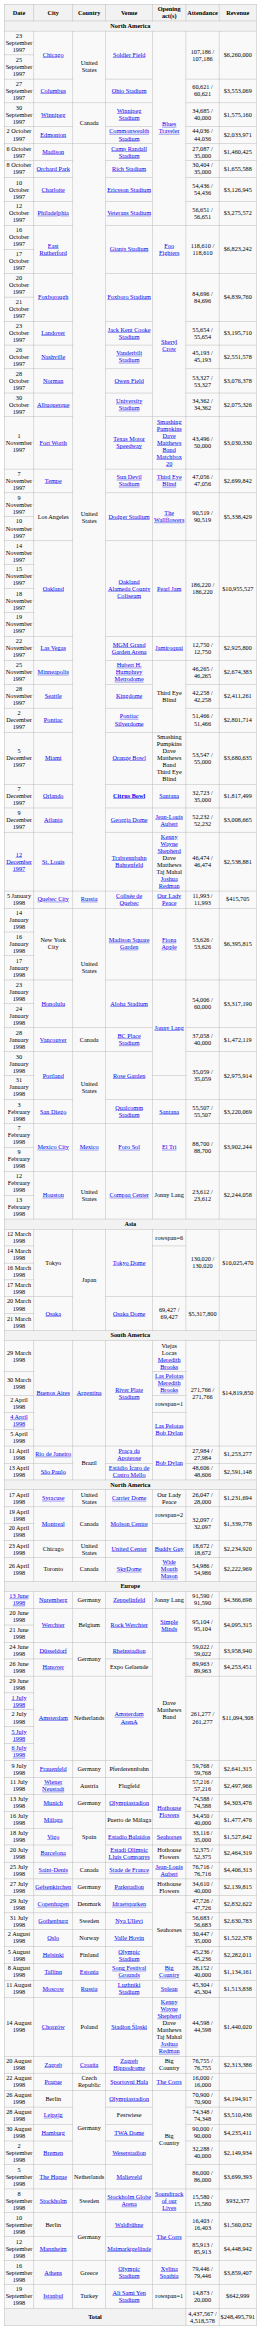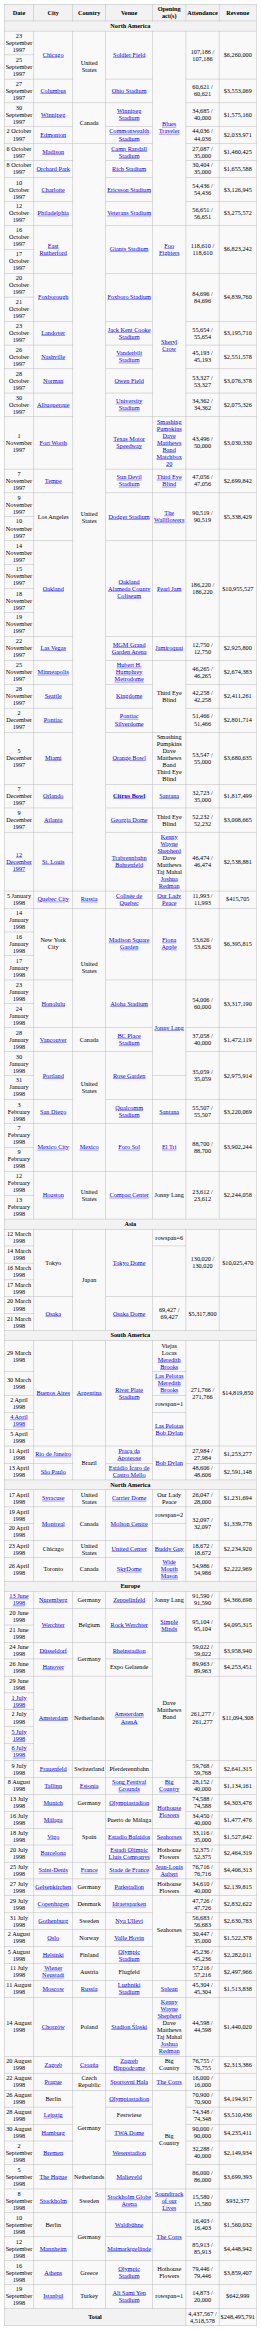 <table class="wikitable" style="text-align:center;">
 <tr>
 <th scope="col" style="width:11em;">Date</th>
 <th scope="col" style="width:11em;">City</th>
 <th scope="col" style="width:11em;">Country</th>
 <th scope="col" style="width:15em;">Venue</th>
 <th scope="col" style="width:11em;">Opening act(s)</th>
 <th scope="col" style="width:12em;">Attendance</th>
 <th scope="col" style="width:11em;">Revenue</th>
 </tr>
 <tr>
 <th colspan=7>North America</th>
 </tr>
 <tr>
 <td>23 September 1997</td>
 <td rowspan=2><a href='#'>Chicago</a></td>
 <td rowspan=3>United States</td>
 <td rowspan=2><a href='#'>Soldier Field</a></td>
 <td rowspan=9><a href='#'>Blues Traveler</a></td>
 <td rowspan=2>107,186 / 107,186</td>
 <td rowspan=2>$6,260,000</td>
 </tr>
 <tr>
 <td>25 September 1997</td>
 </tr>
 <tr>
 <td>27 September 1997</td>
 <td><a href='#'>Columbus</a></td>
 <td><a href='#'>Ohio Stadium</a></td>
 <td>60,621 / 60,621</td>
 <td>$3,553,069</td>
 </tr>
 <tr>
 <td>30 September 1997</td>
 <td><a href='#'>Winnipeg</a></td>
 <td rowspan=2>Canada</td>
 <td><a href='#'>Winnipeg Stadium</a></td>
 <td>34,685 / 40,000</td>
 <td>$1,575,160</td>
 </tr>
 <tr>
 <td>2 October 1997</td>
 <td><a href='#'>Edmonton</a></td>
 <td><a href='#'>Commonwealth Stadium</a></td>
 <td>44,036 / 44,036</td>
 <td>$2,033,971</td>
 </tr>
 <tr>
 <td>6 October 1997</td>
 <td><a href='#'>Madison</a></td>
 <td rowspan=28>United States</td>
 <td><a href='#'>Camp Randall Stadium</a></td>
 <td>27,087 / 35,000</td>
 <td>$1,460,425</td>
 </tr>
 <tr>
 <td>8 October 1997</td>
 <td><a href='#'>Orchard Park</a></td>
 <td><a href='#'>Rich Stadium</a></td>
 <td>30,404 / 35,000</td>
 <td>$1,655,588</td>
 </tr>
 <tr>
 <td>10 October 1997</td>
 <td><a href='#'>Charlotte</a></td>
 <td><a href='#'>Ericsson Stadium</a></td>
 <td>54,436 / 54,436</td>
 <td>$3,126,945</td>
 </tr>
 <tr>
 <td>12 October 1997</td>
 <td><a href='#'>Philadelphia</a></td>
 <td><a href='#'>Veterans Stadium</a></td>
 <td>56,651 / 56,651</td>
 <td>$3,275,572</td>
 </tr>
 <tr>
 <td>16 October 1997</td>
 <td rowspan=2><a href='#'>East Rutherford</a></td>
 <td rowspan=2><a href='#'>Giants Stadium</a></td>
 <td rowspan=2><a href='#'>Foo Fighters</a></td>
 <td rowspan=2>118,610 / 118,610</td>
 <td rowspan=2>$6,823,242</td>
 </tr>
 <tr>
 <td>17 October 1997</td>
 </tr>
 <tr>
 <td>20 October 1997</td>
 <td rowspan=2><a href='#'>Foxborough</a></td>
 <td rowspan=2><a href='#'>Foxboro Stadium</a></td>
 <td rowspan=6><a href='#'>Sheryl Crow</a></td>
 <td rowspan=2>84,696 / 84,696</td>
 <td rowspan=2>$4,839,760</td>
 </tr>
 <tr>
 <td>21 October 1997</td>
 </tr>
 <tr>
 <td>23 October 1997</td>
 <td><a href='#'>Landover</a></td>
 <td><a href='#'>Jack Kent Cooke Stadium</a></td>
 <td>55,654 / 55,654</td>
 <td>$3,195,710</td>
 </tr>
 <tr>
 <td>26 October 1997</td>
 <td><a href='#'>Nashville</a></td>
 <td><a href='#'>Vanderbilt Stadium</a></td>
 <td>45,193 / 45,193</td>
 <td>$2,551,578</td>
 </tr>
 <tr>
 <td>28 October 1997</td>
 <td><a href='#'>Norman</a></td>
 <td><a href='#'>Owen Field</a></td>
 <td>53,327 / 53,327</td>
 <td>$3,076,378</td>
 </tr>
 <tr>
 <td>30 October 1997</td>
 <td><a href='#'>Albuquerque</a></td>
 <td><a href='#'>University Stadium</a></td>
 <td>34,362 / 34,362</td>
 <td>$2,075,326</td>
 </tr>
 <tr>
 <td>1 November 1997</td>
 <td><a href='#'>Fort Worth</a></td>
 <td><a href='#'>Texas Motor Speedway</a></td>
 <td><a href='#'>Smashing Pumpkins</a><br><a href='#'>Dave Matthews Band</a><br><a href='#'>Matchbox 20</a></td>
 <td>43,496 / 50,000</td>
 <td>$3,030,330</td>
 </tr>
 <tr>
 <td>7 November 1997</td>
 <td><a href='#'>Tempe</a></td>
 <td><a href='#'>Sun Devil Stadium</a></td>
 <td><a href='#'>Third Eye Blind</a></td>
 <td>47,056 / 47,056</td>
 <td>$2,699,842</td>
 </tr>
 <tr>
 <td>9 November 1997</td>
 <td rowspan=2>Los Angeles</td>
 <td rowspan=2><a href='#'>Dodger Stadium</a></td>
 <td rowspan=2><a href='#'>The Wallflowers</a></td>
 <td rowspan=2>90,519 / 90,519</td>
 <td rowspan=2>$5,338,429</td>
 </tr>
 <tr>
 <td>10 November 1997</td>
 </tr>
 <tr>
 <td>14 November 1997</td>
 <td rowspan=4><a href='#'>Oakland</a></td>
 <td rowspan=4><a href='#'>Oakland Alameda County Coliseum</a></td>
 <td rowspan=4><a href='#'>Pearl Jam</a></td>
 <td rowspan=4>186,220 / 186,220</td>
 <td rowspan=4>$10,955,527</td>
 </tr>
 <tr>
 <td>15 November 1997</td>
 </tr>
 <tr>
 <td>18 November 1997</td>
 </tr>
 <tr>
 <td>19 November 1997</td>
 </tr>
 <tr>
 <td>22 November 1997</td>
 <td><a href='#'>Las Vegas</a></td>
 <td><a href='#'>MGM Grand Garden Arena</a></td>
 <td><a href='#'>Jamiroquai</a></td>
 <td>12,750 / 12,750</td>
 <td>$2,925,800</td>
 </tr>
 <tr>
 <td>25 November 1997</td>
 <td><a href='#'>Minneapolis</a></td>
 <td><a href='#'>Hubert H. Humphrey Metrodome</a></td>
 <td rowspan=3>Third Eye Blind</td>
 <td>46,265 / 46,265</td>
 <td>$2,674,383</td>
 </tr>
 <tr>
 <td>28 November 1997</td>
 <td><a href='#'>Seattle</a></td>
 <td><a href='#'>Kingdome</a></td>
 <td>42,258 / 42,258</td>
 <td>$2,411,261</td>
 </tr>
 <tr>
 <td>2 December 1997</td>
 <td><a href='#'>Pontiac</a></td>
 <td><a href='#'>Pontiac Silverdome</a></td>
 <td>51,466 / 51,466</td>
 <td>$2,801,714</td>
 </tr>
 <tr>
 <td>5 December 1997</td>
 <td><a href='#'>Miami</a></td>
 <td><a href='#'>Orange Bowl</a></td>
 <td>Smashing Pumpkins<br>Dave Matthews Band<br>Third Eye Blind</td>
 <td>53,547 / 55,000</td>
 <td>$3,680,635</td>
 </tr>
 <tr>
 <td>7 December 1997</td>
 <td><a href='#'>Orlando</a></td>
 <td><strong><a href='#'>Citrus Bowl</a></strong></td>
 <td><a href='#'>Santana</a></td>
 <td>32,723 / 35,000</td>
 <td>$1,817,499</td>
 </tr>
 <tr>
 <td>9 December 1997</td>
 <td><a href='#'>Atlanta</a></td>
 <td><a href='#'>Georgia Dome</a></td>
-<td><a href='#'>Jean-Louis Aubert</a></td>
+<td>Third Eye Blind</td>
 <td>52,232 / 52,232</td>
 <td>$3,008,665</td>
 </tr>
 <tr>
 <td><a href='#'>12 December 1997</a></td>
 <td><a href='#'>St. Louis</a></td>
 <td><a href='#'>Trabrennbahn Bahrenfeld</a></td>
 <td><a href='#'>Kenny Wayne Shepherd</a><br>Dave Matthews<br>Taj Mahal<br><a href='#'>Joshua Redman</a></td>
 <td>46,474 / 46,474</td>
 <td>$2,538,881</td>
 </tr>
 <tr>
 <td>5 January 1998</td>
 <td><a href='#'>Quebec City</a></td>
 <td><a href='#'>Russia</a></td>
 <td><a href='#'>Colisée de Quebec</a></td>
 <td><a href='#'>Our Lady Peace</a></td>
 <td>11,993 / 11,993</td>
 <td>$415,705</td>
 </tr>
 <tr>
 <td>14 January 1998</td>
 <td rowspan=3>New York City</td>
 <td rowspan=5>United States</td>
 <td rowspan=3><a href='#'>Madison Square Garden</a></td>
 <td rowspan=3><a href='#'>Fiona Apple</a></td>
 <td rowspan=3>53,626 / 53,626</td>
 <td rowspan=3>$6,395,815</td>
 </tr>
 <tr>
 <td>16 January 1998</td>
 </tr>
 <tr>
 <td>17 January 1998</td>
 </tr>
 <tr>
 <td>23 January 1998</td>
 <td rowspan=2><a href='#'>Honolulu</a></td>
 <td rowspan=2><a href='#'>Aloha Stadium</a></td>
 <td rowspan="4"><a href='#'>Jonny Lang</a></td>
 <td rowspan=2>54,006 / 60,000</td>
 <td rowspan=2>$3,317,190</td>
 </tr>
 <tr>
 <td>24 January 1998</td>
 </tr>
 <tr>
 <td>28 January 1998</td>
 <td><a href='#'>Vancouver</a></td>
 <td>Canada</td>
 <td><a href='#'>BC Place Stadium</a></td>
 <td>37,058 / 40,000</td>
 <td>$1,472,119</td>
 </tr>
 <tr>
 <td>30 January 1998</td>
 <td rowspan=2><a href='#'>Portland</a></td>
 <td rowspan=3>United States</td>
 <td rowspan=2><a href='#'>Rose Garden</a></td>
 <td rowspan=2>35,059 / 35,059</td>
 <td rowspan=2>$2,975,914</td>
 </tr>
 <tr>
 <td>31 January 1998</td>
 <td></td>
 </tr>
 <tr>
 <td>3 February 1998</td>
 <td><a href='#'>San Diego</a></td>
 <td><a href='#'>Qualcomm Stadium</a></td>
 <td><a href='#'>Santana</a></td>
 <td>55,507 / 55,507</td>
 <td>$3,220,069</td>
 </tr>
 <tr>
 <td>7 February 1998</td>
 <td rowspan=2><a href='#'>Mexico City</a></td>
 <td rowspan=2><a href='#'>Mexico</a></td>
 <td rowspan=2><a href='#'>Foro Sol</a></td>
 <td rowspan=2><a href='#'>El Tri</a></td>
 <td rowspan=2>88,700 / 88,700</td>
 <td rowspan=2>$3,902,244</td>
 </tr>
 <tr>
 <td>9 February 1998</td>
 </tr>
 <tr>
 <td>12 February 1998</td>
 <td rowspan=2><a href='#'>Houston</a></td>
 <td rowspan=2>United States</td>
 <td rowspan=2><a href='#'>Compaq Center</a></td>
 <td rowspan=2>Jonny Lang</td>
 <td rowspan=2>23,612 / 23,612</td>
 <td rowspan=2>$2,244,058</td>
 </tr>
 <tr>
 <td>13 February 1998</td>
 </tr>
 <tr>
 <th colspan=7>Asia</th>
 </tr>
 <tr>
 <td>12 March 1998</td>
 <td rowspan=4>Tokyo</td>
 <td rowspan=6>Japan</td>
 <td rowspan=4><a href='#'>Tokyo Dome</a></td>
 <td>rowspan=6 </td>
 <td rowspan=4>130,020 / 130,020</td>
 <td rowspan=4>$10,025,470</td>
 </tr>
 <tr>
 <td>14 March 1998</td>
 </tr>
 <tr>
 <td>16 March 1998</td>
 </tr>
 <tr>
 <td>17 March 1998</td>
 </tr>
 <tr>
 <td>20 March 1998</td>
 <td rowspan=2><a href='#'>Osaka</a></td>
 <td rowspan=2><a href='#'>Osaka Dome</a></td>
 <td rowspan=2>69,427 / 69,427</td>
 <td rowspan=2>$5,317,800</td>
 </tr>
 <tr>
 <td>21 March 1998</td>
 </tr>
 <tr>
 <th colspan=7>South America</th>
 </tr>
 <tr>
 <td>29 March 1998</td>
 <td rowspan=5><a href='#'>Buenos Aires</a></td>
 <td rowspan=5><a href='#'>Argentina</a></td>
 <td rowspan=5><a href='#'>River Plate Stadium</a></td>
 <td rowspan=1>Viejas Locas<br><a href='#'>Meredith Brooks</a></td>
 <td rowspan=5>271,766 / 271,766</td>
 <td rowspan=5>$14,819,850</td>
 </tr>
 <tr>
 <td>30 March 1998</td>
 <td rowspan=1><a href='#'>Las Pelotas</a><br><a href='#'>Meredith Brooks</a></td>
 </tr>
 <tr>
 <td>2 April 1998</td>
 <td>rowspan=1 </td>
 </tr>
 <tr>
 <td><a href='#'>4 April 1998</a></td>
 <td rowspan=2><a href='#'>Las Pelotas</a><br><a href='#'>Bob Dylan</a></td>
 </tr>
 <tr>
 <td>5 April 1998</td>
 </tr>
 <tr>
 <td>11 April 1998</td>
 <td><a href='#'>Rio de Janeiro</a></td>
 <td rowspan=2>Brazil</td>
 <td><a href='#'>Praça da Apoteose</a></td>
 <td rowspan=2><a href='#'>Bob Dylan</a></td>
 <td>27,984 / 27,984</td>
 <td>$1,253,277</td>
 </tr>
 <tr>
 <td>13 April 1998</td>
 <td><a href='#'>São Paulo</a></td>
 <td><a href='#'>Estádio Ícaro de Castro Mello</a></td>
 <td>48,606 / 48,606</td>
 <td>$2,591,148</td>
 </tr>
 <tr>
 <th colspan=7>North America</th>
 </tr>
 <tr>
 <td>17 April 1998</td>
 <td><a href='#'>Syracuse</a></td>
 <td>United States</td>
 <td><a href='#'>Carrier Dome</a></td>
 <td>Our Lady Peace</td>
 <td>26,047 / 28,000</td>
 <td>$1,231,694</td>
 </tr>
 <tr>
 <td>19 April 1998</td>
 <td rowspan=2><a href='#'>Montreal</a></td>
 <td rowspan=2>Canada</td>
 <td rowspan=2><a href='#'>Molson Centre</a></td>
 <td>rowspan=2 </td>
 <td rowspan=2>32,097 / 32,097</td>
 <td rowspan=2>$1,339,778</td>
 </tr>
 <tr>
 <td>20 April 1998</td>
 </tr>
 <tr>
 <td>23 April 1998</td>
 <td>Chicago</td>
 <td>United States</td>
 <td><a href='#'>United Center</a></td>
 <td><a href='#'>Buddy Guy</a></td>
 <td>18,672 / 18,672</td>
 <td>$2,234,920</td>
 </tr>
 <tr>
 <td>26 April 1998</td>
 <td>Toronto</td>
 <td>Canada</td>
 <td><a href='#'>SkyDome</a></td>
 <td><a href='#'>Wide Mouth Mason</a></td>
 <td>54,986 / 54,986</td>
 <td>$2,222,969</td>
 </tr>
 <tr>
 <th colspan=7>Europe</th>
 </tr>
 <tr>
 <td><a href='#'>13 June 1998</a></td>
 <td><a href='#'>Nuremberg</a></td>
 <td>Germany</td>
 <td><a href='#'>Zeppelinfeld</a></td>
 <td>Jonny Lang</td>
 <td>91,590 / 91,590</td>
 <td>$4,366,698</td>
 </tr>
 <tr>
 <td>20 June 1998</td>
 <td rowspan=2><a href='#'>Werchter</a></td>
 <td rowspan=2>Belgium</td>
 <td rowspan=2><a href='#'>Rock Werchter</a></td>
 <td rowspan=2><a href='#'>Simple Minds</a></td>
 <td rowspan=2>95,104 / 95,104</td>
 <td rowspan=2>$4,095,315</td>
 </tr>
 <tr>
 <td>21 June 1998</td>
 </tr>
 <tr>
 <td>24 June 1998</td>
 <td><a href='#'>Düsseldorf</a></td>
 <td rowspan=2>Germany</td>
 <td><a href='#'>Rheinstadion</a></td>
 <td rowspan=8>Dave Matthews Band</td>
 <td>59,022 / 59,022</td>
 <td>$3,958,940</td>
 </tr>
 <tr>
 <td>26 June 1998</td>
 <td><a href='#'>Hanover</a></td>
 <td>Expo Gelaende</td>
 <td>89,963 / 89,963</td>
 <td>$4,253,451</td>
 </tr>
 <tr>
 <td>29 June 1998</td>
 <td rowspan=5><a href='#'>Amsterdam</a></td>
 <td rowspan=5>Netherlands</td>
 <td rowspan=5><a href='#'>Amsterdam ArenA</a></td>
 <td rowspan=5>261,277 / 261,277</td>
 <td rowspan=5>$11,094,308</td>
 </tr>
 <tr>
 <td><a href='#'>1 July 1998</a></td>
 </tr>
 <tr>
 <td>2 July 1998</td>
 </tr>
 <tr>
 <td><a href='#'>5 July 1998</a></td>
 </tr>
 <tr>
 <td><a href='#'>6 July 1998</a></td>
 </tr>
 <tr>
 <td>9 July 1998</td>
 <td><a href='#'>Frauenfeld</a></td>
-<td>Germany</td>
+<td>Switzerland</td>
 <td>Pferderennbahn</td>
 <td>59,768 / 59,768</td>
 <td>$2,641,315</td>
 </tr>
 <tr>
-<td>11 July 1998</td>
-<td><a href='#'>Wiener Neustadt</a></td>
-<td>Austria</td>
-<td>Flugfeld</td>
-<td></td>
-<td>57,216 / 57,216</td>
-<td>$2,497,966</td>
+<td>8 August 1998</td>
+<td><a href='#'>Tallinn</a></td>
+<td><a href='#'>Estonia</a></td>
+<td><a href='#'>Song Festival Grounds</a></td>
+<td><a href='#'>Big Country</a></td>
+<td>28,152 / 40,000</td>
+<td>$1,134,161</td>
 </tr>
 <tr>
 <td>13 July 1998</td>
 <td><a href='#'>Munich</a></td>
 <td>Germany</td>
 <td><a href='#'>Olympiastadion</a></td>
 <td rowspan=2><a href='#'>Hothouse Flowers</a></td>
 <td>74,588 / 74,588</td>
 <td>$4,303,476</td>
 </tr>
 <tr>
 <td>16 July 1998</td>
 <td><a href='#'>Málaga</a></td>
 <td rowspan=3>Spain</td>
 <td>Puerto de Málaga</td>
 <td>34,450 / 40,000</td>
 <td>$1,477,476</td>
 </tr>
 <tr>
 <td>18 July 1998</td>
 <td><a href='#'>Vigo</a></td>
 <td><a href='#'>Estadio Balaídos</a></td>
 <td><a href='#'>Seahorses</a></td>
 <td>33,116 / 35,000</td>
 <td>$1,527,642</td>
 </tr>
 <tr>
 <td>20 July 1998</td>
 <td><a href='#'>Barcelona</a></td>
 <td><a href='#'>Estadi Olímpic Lluís Companys</a></td>
 <td>Hothouse Flowers</td>
 <td>52,375 / 52,375</td>
 <td>$2,464,319</td>
 </tr>
 <tr>
 <td>25 July 1998</td>
 <td><a href='#'>Saint-Denis</a></td>
-<td>Canada</td>
+<td><a href='#'>France</a></td>
 <td><a href='#'>Stade de France</a></td>
 <td><a href='#'>Jean-Louis Aubert</a></td>
 <td>76,716 / 76,716</td>
 <td>$4,406,313</td>
 </tr>
 <tr>
 <td>27 July 1998</td>
 <td><a href='#'>Gelsenkirchen</a></td>
 <td>Germany</td>
 <td><a href='#'>Parkstadion</a></td>
 <td>Hothouse Flowers</td>
 <td>34,610 / 40,000</td>
 <td>$2,139,815</td>
 </tr>
 <tr>
 <td>29 July 1998</td>
 <td><a href='#'>Copenhagen</a></td>
 <td>Denmark</td>
 <td><a href='#'>Idraetsparken</a></td>
 <td rowspan=4>Seahorses</td>
 <td>47,726 / 47,726</td>
 <td>$2,832,622</td>
 </tr>
 <tr>
 <td>31 July 1998</td>
 <td><a href='#'>Gothenburg</a></td>
 <td>Sweden</td>
 <td><a href='#'>Nya Ullevi</a></td>
 <td>56,683 / 56,683</td>
 <td>$2,630,783</td>
 </tr>
 <tr>
 <td>2 August 1998</td>
 <td><a href='#'>Oslo</a></td>
 <td>Norway</td>
 <td><a href='#'>Valle Hovin</a></td>
 <td>30,447 / 35,000</td>
 <td>$1,522,378</td>
 </tr>
 <tr>
 <td>5 August 1998</td>
 <td><a href='#'>Helsinki</a></td>
 <td>Finland</td>
 <td><a href='#'>Olympic Stadium</a></td>
 <td>45,236 / 45,236</td>
 <td>$2,282,011</td>
 </tr>
 <tr>
-<td>8 August 1998</td>
-<td><a href='#'>Tallinn</a></td>
-<td><a href='#'>Estonia</a></td>
-<td><a href='#'>Song Festival Grounds</a></td>
-<td><a href='#'>Big Country</a></td>
-<td>28,152 / 40,000</td>
-<td>$1,134,161</td>
+<td>11 July 1998</td>
+<td><a href='#'>Wiener Neustadt</a></td>
+<td>Austria</td>
+<td>Flugfeld</td>
+<td></td>
+<td>57,216 / 57,216</td>
+<td>$2,497,966</td>
 </tr>
 <tr>
 <td>11 August 1998</td>
 <td><a href='#'>Moscow</a></td>
 <td><a href='#'>Russia</a></td>
 <td><a href='#'>Luzhniki Stadium</a></td>
 <td><a href='#'>Splean</a></td>
 <td>45,304 / 45,304</td>
 <td>$1,513,838</td>
 </tr>
 <tr>
 <td>14 August 1998</td>
 <td><a href='#'>Chorzów</a></td>
 <td>Poland</td>
 <td><a href='#'>Stadion Śląski</a></td>
 <td><a href='#'>Kenny Wayne Shepherd</a><br>Dave Matthews<br>Taj Mahal<br><a href='#'>Joshua Redman</a></td>
 <td>44,598 / 44,598</td>
 <td>$1,440,020</td>
 </tr>
 <tr>
 <td>20 August 1998</td>
 <td><a href='#'>Zagreb</a></td>
 <td><a href='#'>Croatia</a></td>
 <td><a href='#'>Zagreb Hippodrome</a></td>
 <td>Big Country</td>
 <td>76,755 / 76,755</td>
 <td>$2,313,386</td>
 </tr>
 <tr>
 <td>22 August 1998</td>
 <td><a href='#'>Prague</a></td>
 <td>Czech Republic</td>
 <td><a href='#'>Sportovní Hala</a></td>
 <td><a href='#'>The Corrs</a></td>
 <td>16,000 / 16,000</td>
 <td></td>
 </tr>
 <tr>
 <td>26 August 1998</td>
 <td>Berlin</td>
 <td rowspan=4>Germany</td>
 <td><a href='#'>Olympiastadion</a></td>
 <td rowspan=5>Big Country</td>
 <td>70,900 / 70,900</td>
 <td>$4,194,917</td>
 </tr>
 <tr>
 <td>28 August 1998</td>
 <td><a href='#'>Leipzig</a></td>
 <td>Festwiese</td>
 <td>74,348 / 74,348</td>
 <td>$3,510,436</td>
 </tr>
 <tr>
 <td>30 August 1998</td>
 <td><a href='#'>Hamburg</a></td>
 <td><a href='#'>TWA Dome</a></td>
 <td>90,000 / 90,000</td>
 <td>$4,235,411</td>
 </tr>
 <tr>
 <td>2 September 1998</td>
 <td><a href='#'>Bremen</a></td>
 <td><a href='#'>Weserstadion</a></td>
 <td>32,288 / 40,000</td>
 <td>$2,149,934</td>
 </tr>
 <tr>
 <td>5 September 1998</td>
 <td><a href='#'>The Hague</a></td>
 <td>Netherlands</td>
 <td><a href='#'>Malieveld</a></td>
 <td>86,000 / 86,000</td>
 <td>$3,699,393</td>
 </tr>
 <tr>
 <td>8 September 1998</td>
 <td><a href='#'>Stockholm</a></td>
 <td>Sweden</td>
 <td><a href='#'>Stockholm Globe Arena</a></td>
 <td><a href='#'>Soundtrack of our Lives</a></td>
 <td>15,580 / 15,580</td>
 <td>$932,377</td>
 </tr>
 <tr>
 <td>10 September 1998</td>
 <td>Berlin</td>
 <td rowspan=2>Germany</td>
 <td><a href='#'>Waldbühne</a></td>
 <td rowspan=2><a href='#'>The Corrs</a></td>
 <td>16,403 / 16,403</td>
 <td>$1,560,032</td>
 </tr>
 <tr>
 <td>12 September 1998</td>
 <td><a href='#'>Mannheim</a></td>
 <td><a href='#'>Maimarktgelände</a></td>
 <td>85,913 / 85,913</td>
 <td>$4,448,942</td>
 </tr>
 <tr>
 <td>16 September 1998</td>
 <td><a href='#'>Athens</a></td>
 <td>Greece</td>
 <td><a href='#'>Olympic Stadium</a></td>
-<td rowspan=1><a href='#'>Xylina Spathia</a></td>
+<td>Hothouse Flowers</td>
 <td>79,446 / 79,446</td>
 <td>$3,859,407</td>
 </tr>
 <tr>
 <td>19 September 1998</td>
 <td><a href='#'>Istanbul</a></td>
 <td>Turkey</td>
 <td><a href='#'>Ali Sami Yen Stadium</a></td>
 <td>rowspan=1 </td>
 <td>14,873 / 20,000</td>
 <td>$642,999</td>
 </tr>
 <tr>
 <th colspan=5>Total</th>
 <td>4,437,567 / 4,518,578</td>
 <td>$248,495,791</td>
 </tr>
 </table>
